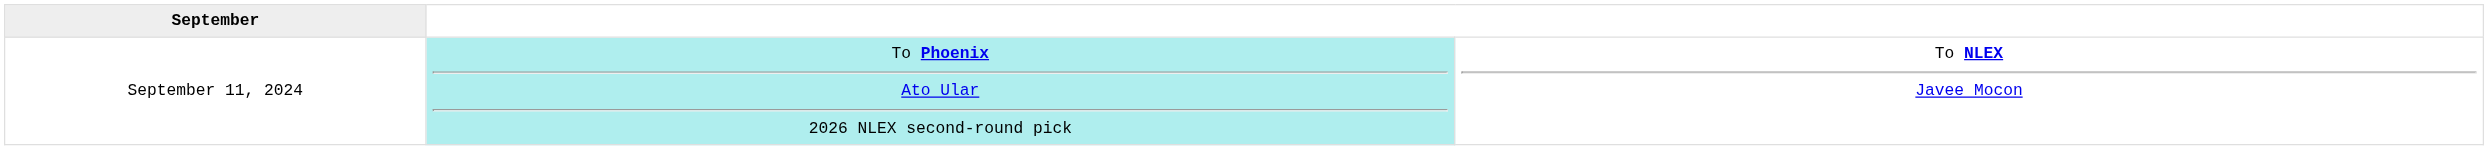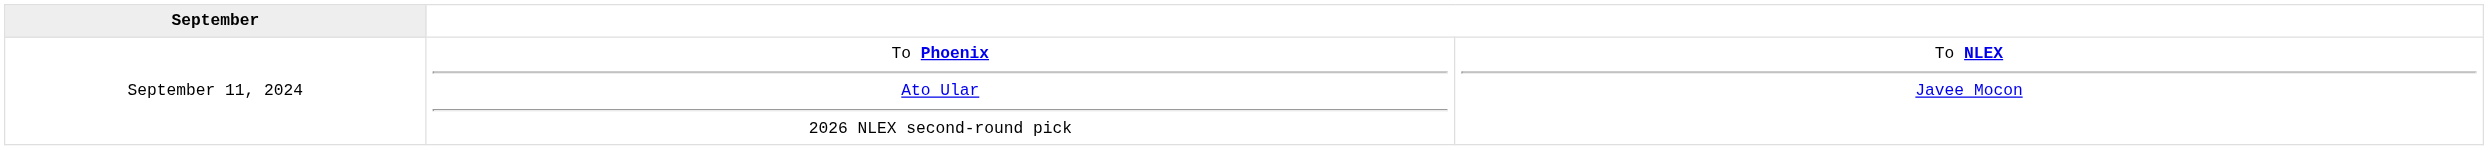 <table border=1 style="border-collapse:collapse; text-align: center; width: 100%" bordercolor="#DFDFDF"  cellpadding="5">
 <tr bgcolor="eeeeee">
 <th>September</th>
 </tr>
 <tr>
 <td style="width:12%">September 11, 2024</td>
-<td style="background: paleturquoise; width:29.3%" valign="top">To <strong><a href='#'>Phoenix</a></strong><hr><a href='#'>Ato Ular</a><hr>2026 NLEX second-round pick</td>
+<td style="width:29.3%" valign="top">To <strong><a href='#'>Phoenix</a></strong><hr><a href='#'>Ato Ular</a><hr>2026 NLEX second-round pick</td>
 <td style="width:29.3%" valign="top">To <strong><a href='#'>NLEX</a></strong><hr><a href='#'>Javee Mocon</a></td>
 </tr>
 </table>
